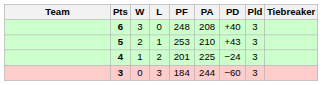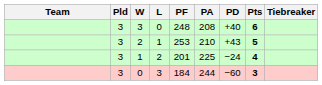 <table class="wikitable" style="text-align:center;">
 <tr>
 <th width=170>Team</th>
-<th width=25>Pts</th>
+<th width=25>Pld</th>
 <th width=25>W</th>
 <th width=25>L</th>
 <th width=35>PF</th>
 <th width=35>PA</th>
 <th width=35>PD</th>
-<th width=25>Pld</th>
+<th width=25>Pts</th>
 <th width=50>Tiebreaker</th>
 </tr>
 <tr bgcolor=ccffcc>
 <td align="left"></td>
-<td><strong>6</strong></td>
+<td>3</td>
 <td>3</td>
 <td>0</td>
 <td>248</td>
 <td>208</td>
 <td>+40</td>
-<td>3</td>
+<td><strong>6</strong></td>
 <td></td>
 </tr>
 <tr bgcolor=ccffcc>
 <td align="left"></td>
-<td><strong>5</strong></td>
+<td>3</td>
 <td>2</td>
 <td>1</td>
 <td>253</td>
 <td>210</td>
 <td>+43</td>
-<td>3</td>
+<td><strong>5</strong></td>
 <td></td>
 </tr>
 <tr bgcolor=ccffcc>
 <td align="left"></td>
-<td><strong>4</strong></td>
+<td>3</td>
 <td>1</td>
 <td>2</td>
 <td>201</td>
 <td>225</td>
 <td>−24</td>
-<td>3</td>
+<td><strong>4</strong></td>
 <td></td>
 </tr>
 <tr bgcolor=ffcccc>
 <td align="left"></td>
-<td><strong>3</strong></td>
+<td>3</td>
 <td>0</td>
 <td>3</td>
 <td>184</td>
 <td>244</td>
 <td>−60</td>
-<td>3</td>
+<td><strong>3</strong></td>
 <td></td>
 </tr>
 </table>
